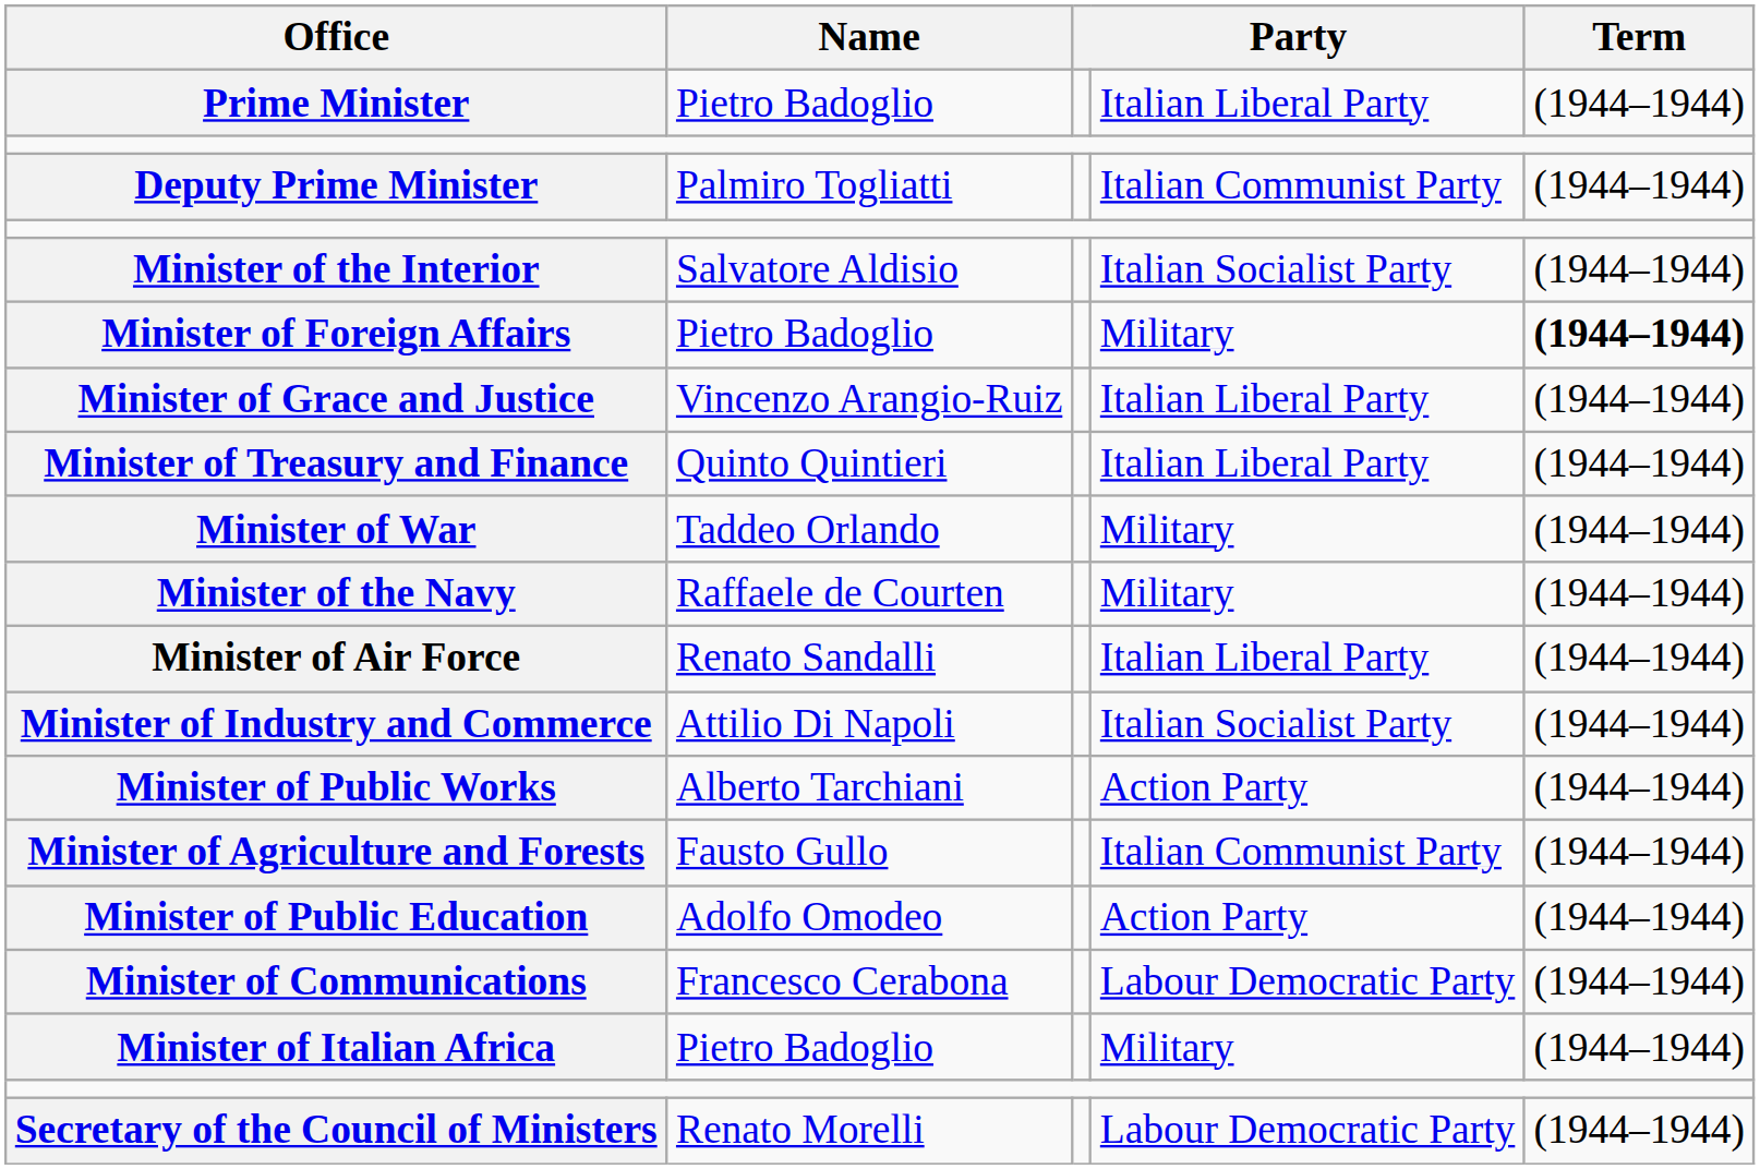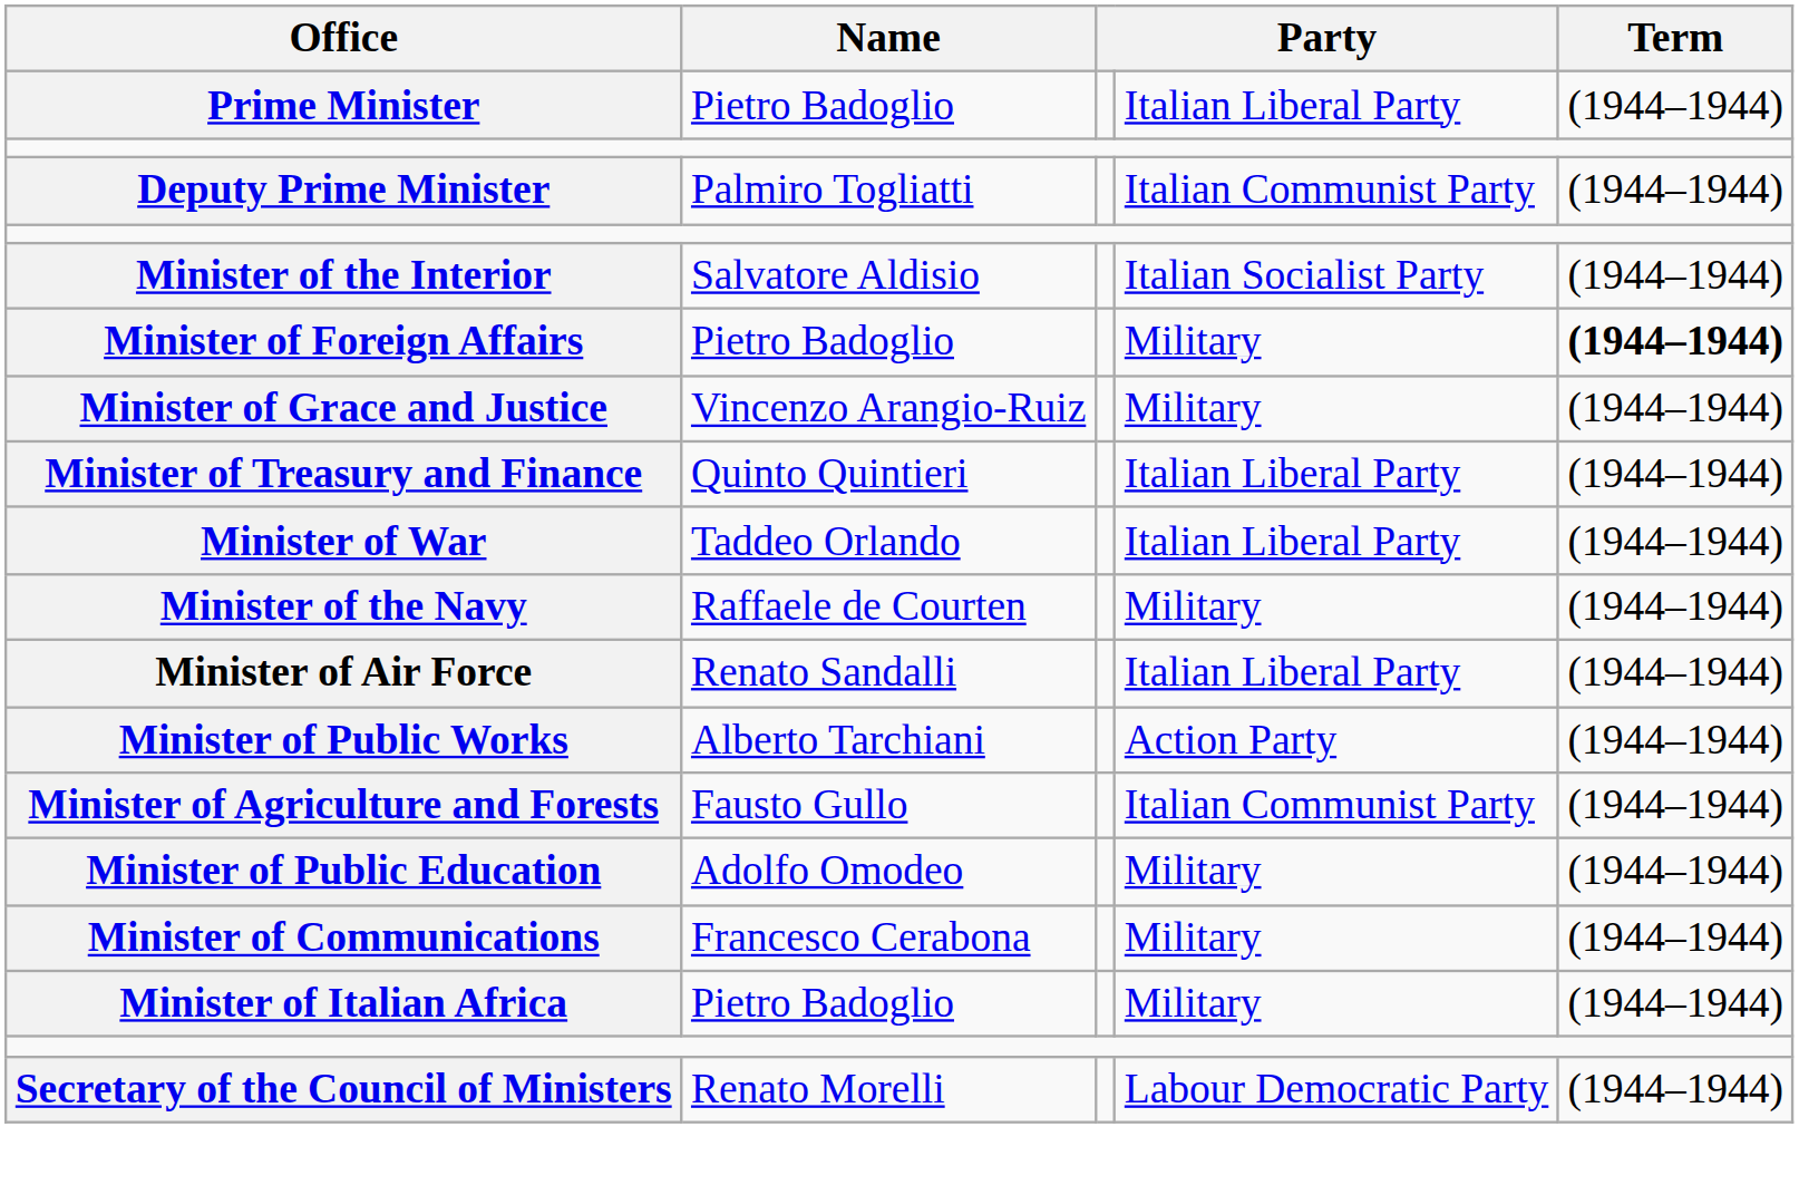 <table class="wikitable" style="font-size: 100%;">
 <tr>
 <th>Office</th>
 <th>Name</th>
 <th colspan=2>Party</th>
 <th>Term</th>
 </tr>
 <tr>
 <th><a href='#'>Prime Minister</a></th>
 <td><a href='#'>Pietro Badoglio</a></td>
 <td style="color:inherit;background:"></td>
 <td><a href='#'>Italian Liberal Party</a></td>
 <td>(1944–1944)</td>
 </tr>
 <tr>
 <td colspan=5></td>
 </tr>
 <tr>
 <th><a href='#'>Deputy Prime Minister</a></th>
 <td><a href='#'>Palmiro Togliatti</a></td>
 <td style="color:inherit;background:"></td>
 <td><a href='#'>Italian Communist Party</a></td>
 <td>(1944–1944)</td>
 </tr>
 <tr>
 <td colspan=5></td>
 </tr>
 <tr>
 <th><a href='#'>Minister of the Interior</a></th>
 <td><a href='#'>Salvatore Aldisio</a></td>
 <td style="color:inherit;background:"></td>
 <td><a href='#'>Italian Socialist Party</a></td>
 <td>(1944–1944)</td>
 </tr>
 <tr>
 <th><a href='#'>Minister of Foreign Affairs</a></th>
 <td><a href='#'>Pietro Badoglio</a></td>
 <td style="color:inherit;background:"></td>
 <td><a href='#'>Military</a></td>
 <td><strong>(1944–1944)</strong></td>
 </tr>
 <tr>
 <th><a href='#'>Minister of Grace and Justice</a></th>
 <td><a href='#'>Vincenzo Arangio-Ruiz</a></td>
 <td style="color:inherit;background:"></td>
-<td><a href='#'>Italian Liberal Party</a></td>
+<td><a href='#'>Military</a></td>
 <td>(1944–1944)</td>
 </tr>
 <tr>
 <th><a href='#'>Minister of Treasury and Finance</a></th>
 <td><a href='#'>Quinto Quintieri</a></td>
 <td style="color:inherit;background:"></td>
 <td><a href='#'>Italian Liberal Party</a></td>
 <td>(1944–1944)</td>
 </tr>
 <tr>
 <th><a href='#'>Minister of War</a></th>
 <td><a href='#'>Taddeo Orlando</a></td>
 <td style="color:inherit;background:"></td>
-<td><a href='#'>Military</a></td>
+<td><a href='#'>Italian Liberal Party</a></td>
 <td>(1944–1944)</td>
 </tr>
 <tr>
 <th><a href='#'>Minister of the Navy</a></th>
 <td><a href='#'>Raffaele de Courten</a></td>
 <td style="color:inherit;background:"></td>
 <td><a href='#'>Military</a></td>
 <td>(1944–1944)</td>
 </tr>
 <tr>
 <th>Minister of Air Force</th>
 <td><a href='#'>Renato Sandalli</a></td>
 <td style="color:inherit;background:"></td>
 <td><a href='#'>Italian Liberal Party</a></td>
-<td>(1944–1944)</td>
-</tr>
-<tr>
-<th><a href='#'>Minister of Industry and Commerce</a></th>
-<td><a href='#'>Attilio Di Napoli</a></td>
-<td style="color:inherit;background:"></td>
-<td><a href='#'>Italian Socialist Party</a></td>
 <td>(1944–1944)</td>
 </tr>
 <tr>
 <th><a href='#'>Minister of Public Works</a></th>
 <td><a href='#'>Alberto Tarchiani</a></td>
 <td style="color:inherit;background:"></td>
 <td><a href='#'>Action Party</a></td>
 <td>(1944–1944)</td>
 </tr>
 <tr>
 <th><a href='#'>Minister of Agriculture and Forests</a></th>
 <td><a href='#'>Fausto Gullo</a></td>
 <td style="color:inherit;background:"></td>
 <td><a href='#'>Italian Communist Party</a></td>
 <td>(1944–1944)</td>
 </tr>
 <tr>
 <th><a href='#'>Minister of Public Education</a></th>
 <td><a href='#'>Adolfo Omodeo</a></td>
 <td style="color:inherit;background:"></td>
-<td><a href='#'>Action Party</a></td>
+<td><a href='#'>Military</a></td>
 <td>(1944–1944)</td>
 </tr>
 <tr>
 <th><a href='#'>Minister of Communications</a></th>
 <td><a href='#'>Francesco Cerabona</a></td>
 <td style="color:inherit;background:"></td>
-<td><a href='#'>Labour Democratic Party</a></td>
+<td><a href='#'>Military</a></td>
 <td>(1944–1944)</td>
 </tr>
 <tr>
 <th><a href='#'>Minister of Italian Africa</a></th>
 <td><a href='#'>Pietro Badoglio</a></td>
 <td style="color:inherit;background:"></td>
 <td><a href='#'>Military</a></td>
 <td>(1944–1944)</td>
 </tr>
 <tr>
 <td colspan=5></td>
 </tr>
 <tr>
 <th><a href='#'>Secretary of the Council of Ministers</a></th>
 <td><a href='#'>Renato Morelli</a></td>
 <td style="color:inherit;background:"></td>
 <td><a href='#'>Labour Democratic Party</a></td>
 <td>(1944–1944)</td>
 </tr>
 </table>
